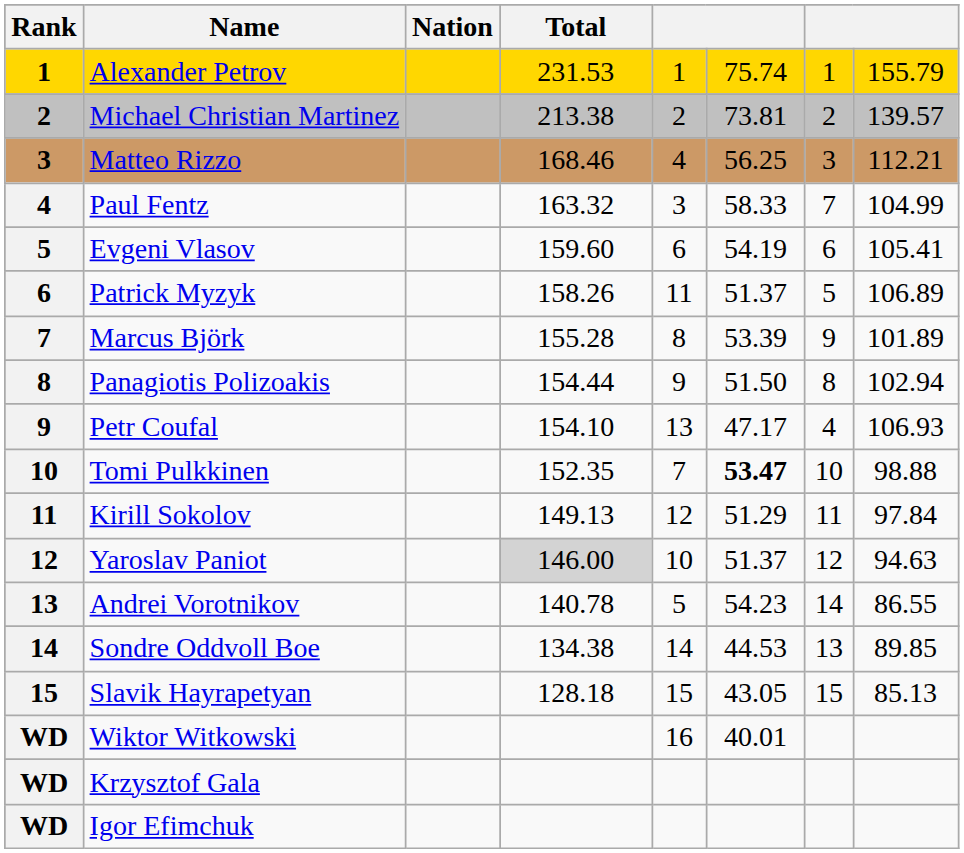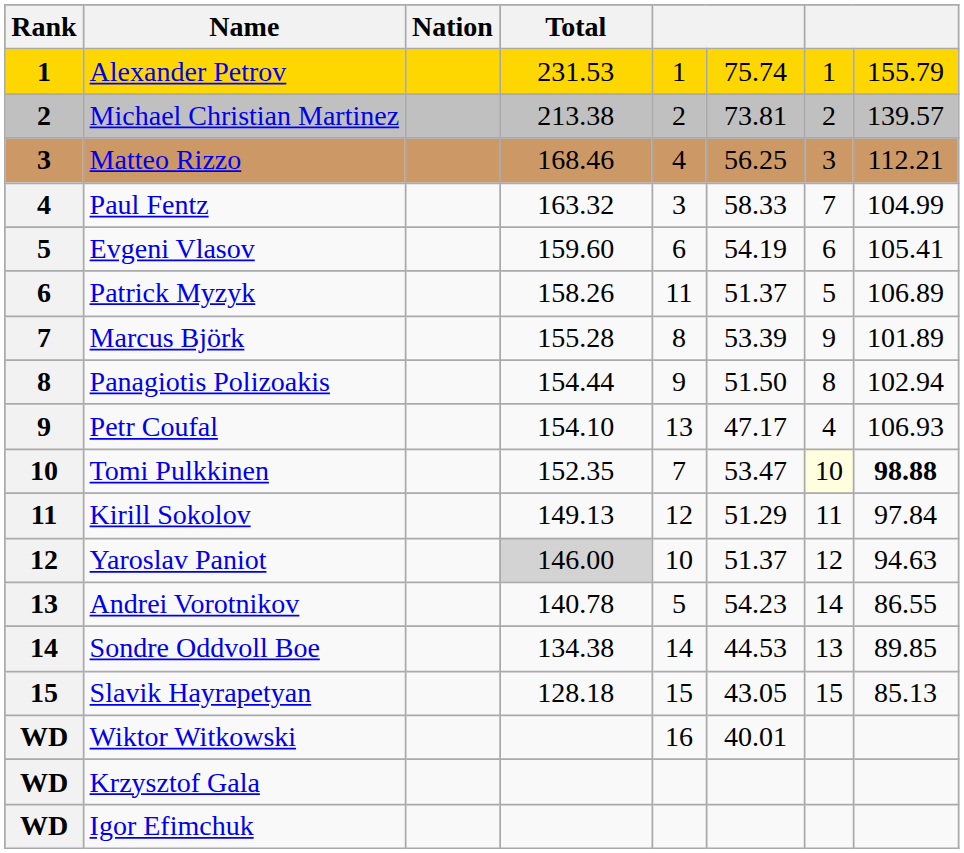 <table class="wikitable sortable">
 <tr>
 <th>Rank</th>
 <th>Name</th>
 <th>Nation</th>
 <th width="80px">Total</th>
 <th colspan="2" width="80px"></th>
 <th colspan="2" width="80px"></th>
 </tr>
 <tr bgcolor="gold">
 <td align="center"><strong>1</strong></td>
 <td><a href='#'>Alexander Petrov</a></td>
 <td></td>
 <td align="center">231.53</td>
 <td align="center">1</td>
 <td align="center">75.74</td>
 <td align="center">1</td>
 <td align="center">155.79</td>
 </tr>
 <tr bgcolor="silver">
 <td align="center"><strong>2</strong></td>
 <td><a href='#'>Michael Christian Martinez</a></td>
 <td></td>
 <td align="center">213.38</td>
 <td align="center">2</td>
 <td align="center">73.81</td>
 <td align="center">2</td>
 <td align="center">139.57</td>
 </tr>
 <tr bgcolor="cc9966">
 <td align="center"><strong>3</strong></td>
 <td><a href='#'>Matteo Rizzo</a></td>
 <td></td>
 <td align="center">168.46</td>
 <td align="center">4</td>
 <td align="center">56.25</td>
 <td align="center">3</td>
 <td align="center">112.21</td>
 </tr>
 <tr>
 <th>4</th>
 <td><a href='#'>Paul Fentz</a></td>
 <td></td>
 <td align="center">163.32</td>
 <td align="center">3</td>
 <td align="center">58.33</td>
 <td align="center">7</td>
 <td align="center">104.99</td>
 </tr>
 <tr>
 <th>5</th>
 <td><a href='#'>Evgeni Vlasov</a></td>
 <td></td>
 <td align="center">159.60</td>
 <td align="center">6</td>
 <td align="center">54.19</td>
 <td align="center">6</td>
 <td align="center">105.41</td>
 </tr>
 <tr>
 <th>6</th>
 <td><a href='#'>Patrick Myzyk</a></td>
 <td></td>
 <td align="center">158.26</td>
 <td align="center">11</td>
 <td align="center">51.37</td>
 <td align="center">5</td>
 <td align="center">106.89</td>
 </tr>
 <tr>
 <th>7</th>
 <td><a href='#'>Marcus Björk</a></td>
 <td></td>
 <td align="center">155.28</td>
 <td align="center">8</td>
 <td align="center">53.39</td>
 <td align="center">9</td>
 <td align="center">101.89</td>
 </tr>
 <tr>
 <th>8</th>
 <td><a href='#'>Panagiotis Polizoakis</a></td>
 <td></td>
 <td align="center">154.44</td>
 <td align="center">9</td>
 <td align="center">51.50</td>
 <td align="center">8</td>
 <td align="center">102.94</td>
 </tr>
 <tr>
 <th>9</th>
 <td><a href='#'>Petr Coufal</a></td>
 <td></td>
 <td align="center">154.10</td>
 <td align="center">13</td>
 <td align="center">47.17</td>
 <td align="center">4</td>
 <td align="center">106.93</td>
 </tr>
 <tr>
 <th>10</th>
 <td><a href='#'>Tomi Pulkkinen</a></td>
 <td></td>
 <td align="center">152.35</td>
 <td align="center">7</td>
-<td align="center"><strong>53.47</strong></td>
-<td align="center">10</td>
-<td align="center">98.88</td>
+<td align="center">53.47</td>
+<td align="center" style="background: lightyellow;">10</td>
+<td align="center"><strong>98.88</strong></td>
 </tr>
 <tr>
 <th>11</th>
 <td><a href='#'>Kirill Sokolov</a></td>
 <td></td>
 <td align="center">149.13</td>
 <td align="center">12</td>
 <td align="center">51.29</td>
 <td align="center">11</td>
 <td align="center">97.84</td>
 </tr>
 <tr>
 <th>12</th>
 <td><a href='#'>Yaroslav Paniot</a></td>
 <td></td>
 <td align="center" style="background: lightgrey;">146.00</td>
 <td align="center">10</td>
 <td align="center">51.37</td>
 <td align="center">12</td>
 <td align="center">94.63</td>
 </tr>
 <tr>
 <th>13</th>
 <td><a href='#'>Andrei Vorotnikov</a></td>
 <td></td>
 <td align="center">140.78</td>
 <td align="center">5</td>
 <td align="center">54.23</td>
 <td align="center">14</td>
 <td align="center">86.55</td>
 </tr>
 <tr>
 <th>14</th>
 <td><a href='#'>Sondre Oddvoll Boe</a></td>
 <td></td>
 <td align="center">134.38</td>
 <td align="center">14</td>
 <td align="center">44.53</td>
 <td align="center">13</td>
 <td align="center">89.85</td>
 </tr>
 <tr>
 <th>15</th>
 <td><a href='#'>Slavik Hayrapetyan</a></td>
 <td></td>
 <td align="center">128.18</td>
 <td align="center">15</td>
 <td align="center">43.05</td>
 <td align="center">15</td>
 <td align="center">85.13</td>
 </tr>
 <tr>
 <th>WD</th>
 <td><a href='#'>Wiktor Witkowski</a></td>
 <td></td>
 <td align="center"></td>
 <td align="center">16</td>
 <td align="center">40.01</td>
 <td align="center"></td>
 <td align="center"></td>
 </tr>
 <tr>
 <th>WD</th>
 <td><a href='#'>Krzysztof Gala</a></td>
 <td></td>
 <td align="center"></td>
 <td align="center"></td>
 <td align="center"></td>
 <td align="center"></td>
 <td align="center"></td>
 </tr>
 <tr>
 <th>WD</th>
 <td><a href='#'>Igor Efimchuk</a></td>
 <td></td>
 <td align="center"></td>
 <td align="center"></td>
 <td align="center"></td>
 <td align="center"></td>
 <td align="center"></td>
 </tr>
 </table>
